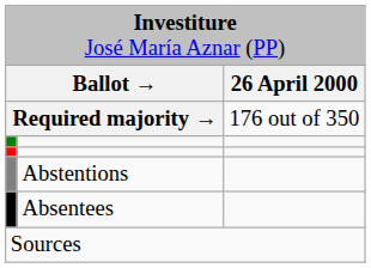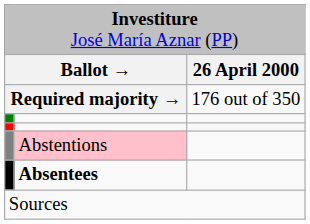 <table class="wikitable" style="text-align:center;">
 <tr>
 <td colspan="3" align="center" bgcolor="#C0C0C0"><strong>Investiture</strong><br><a href='#'>José María Aznar</a> (<a href='#'>PP</a>)</td>
 </tr>
 <tr>
 <th colspan="2" width="150px">Ballot →</th>
 <th>26 April 2000</th>
 </tr>
 <tr>
 <th colspan="2">Required majority →</th>
 <td>176 out of 350 </td>
 </tr>
 <tr>
 <th width="1px" style="background:green;"></th>
 <td align="left"></td>
 <td></td>
 </tr>
 <tr>
 <th style="background:red;"></th>
 <td align="left"></td>
 <td></td>
 </tr>
 <tr>
 <th style="background:gray;"></th>
-<td align="left"><span>Abstentions</span></td>
+<td align="left" style="background: pink;"><span>Abstentions</span></td>
 <td></td>
 </tr>
 <tr>
 <th style="background:black;"></th>
-<td align="left"><span>Absentees</span></td>
+<td align="left"><strong><span>Absentees</span></strong></td>
 <td></td>
 </tr>
 <tr>
 <td align="left" colspan="4">Sources</td>
 </tr>
 </table>
